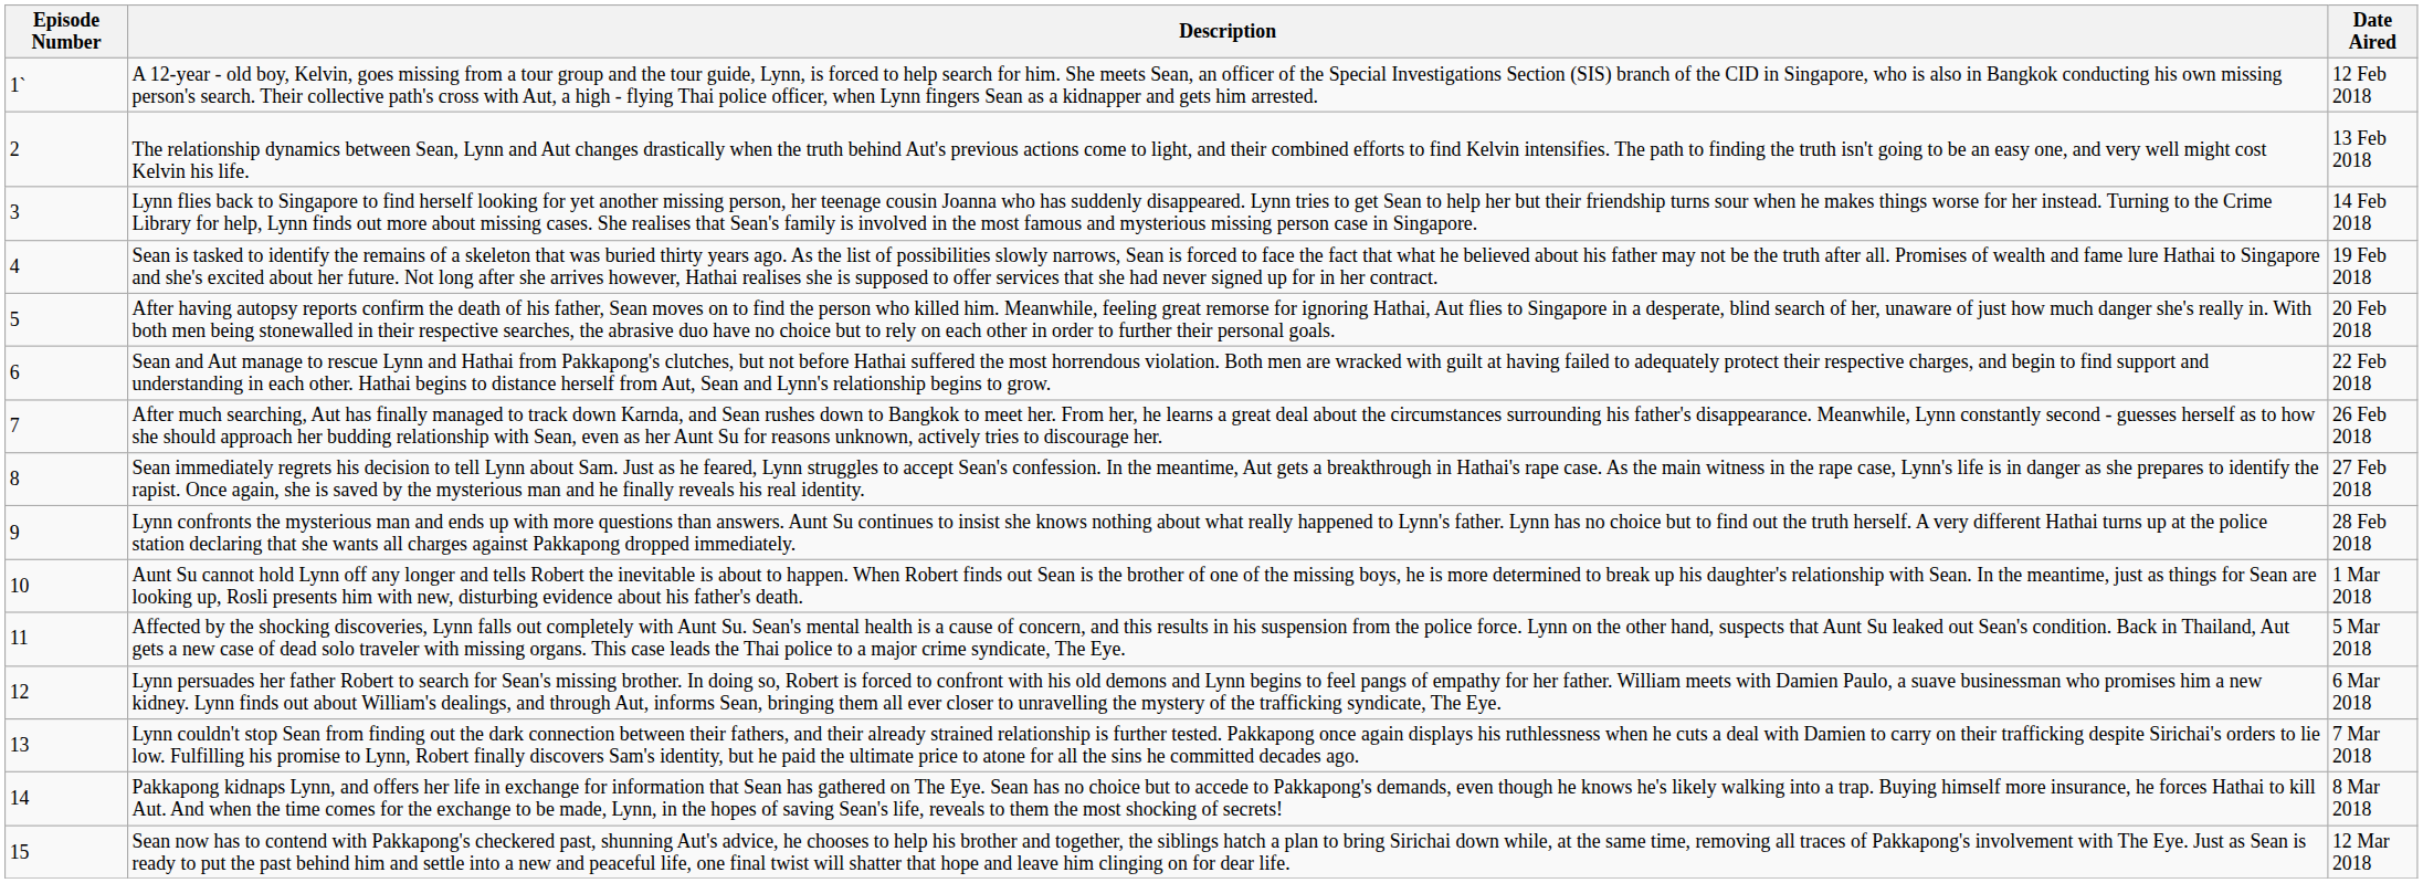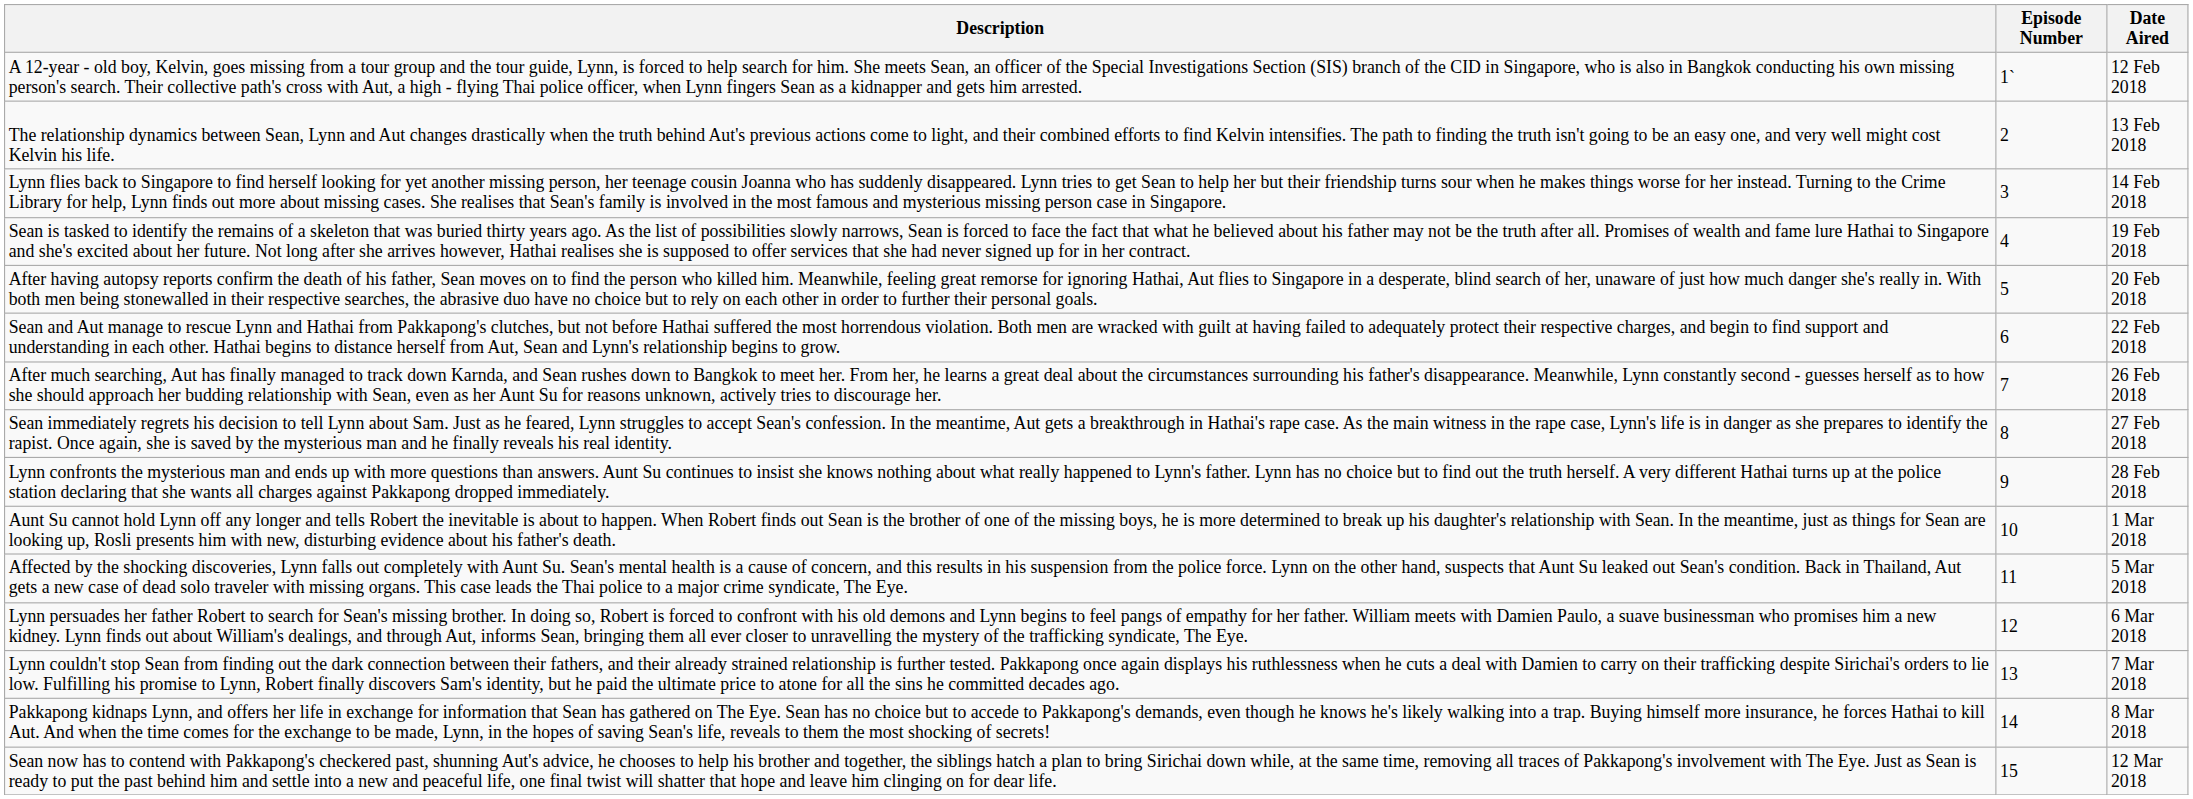 <table class="wikitable">
 <tr>
+<th>Description</th>
 <th>Episode Number</th>
-<th>Description</th>
 <th>Date Aired</th>
 </tr>
 <tr>
+<td>A 12-year - old boy, Kelvin, goes missing from a tour group and the tour guide, Lynn, is forced to help search for him. She meets Sean, an officer of the Special Investigations Section (SIS) branch of the CID in Singapore, who is also in Bangkok conducting his own missing person's search. Their collective path's cross with Aut, a high - flying Thai police officer, when Lynn fingers Sean as a kidnapper and gets him arrested.</td>
 <td>1`</td>
-<td>A 12-year - old boy, Kelvin, goes missing from a tour group and the tour guide, Lynn, is forced to help search for him. She meets Sean, an officer of the Special Investigations Section (SIS) branch of the CID in Singapore, who is also in Bangkok conducting his own missing person's search. Their collective path's cross with Aut, a high - flying Thai police officer, when Lynn fingers Sean as a kidnapper and gets him arrested.</td>
 <td>12 Feb 2018</td>
 </tr>
 <tr>
+<td><br>The relationship dynamics between Sean, Lynn and Aut changes drastically when the truth behind Aut's previous actions come to light, and their combined efforts to find Kelvin intensifies. The path to finding the truth isn't going to be an easy one, and very well might cost Kelvin his life.</td>
 <td>2</td>
-<td><br>The relationship dynamics between Sean, Lynn and Aut changes drastically when the truth behind Aut's previous actions come to light, and their combined efforts to find Kelvin intensifies. The path to finding the truth isn't going to be an easy one, and very well might cost Kelvin his life.</td>
 <td>13 Feb 2018</td>
 </tr>
 <tr>
+<td>Lynn flies back to Singapore to find herself looking for yet another missing person, her teenage cousin Joanna who has suddenly disappeared. Lynn tries to get Sean to help her but their friendship turns sour when he makes things worse for her instead. Turning to the Crime Library for help, Lynn finds out more about missing cases. She realises that Sean's family is involved in the most famous and mysterious missing person case in Singapore.</td>
 <td>3</td>
-<td>Lynn flies back to Singapore to find herself looking for yet another missing person, her teenage cousin Joanna who has suddenly disappeared. Lynn tries to get Sean to help her but their friendship turns sour when he makes things worse for her instead. Turning to the Crime Library for help, Lynn finds out more about missing cases. She realises that Sean's family is involved in the most famous and mysterious missing person case in Singapore.</td>
 <td>14 Feb 2018</td>
 </tr>
 <tr>
+<td>Sean is tasked to identify the remains of a skeleton that was buried thirty years ago. As the list of possibilities slowly narrows, Sean is forced to face the fact that what he believed about his father may not be the truth after all. Promises of wealth and fame lure Hathai to Singapore and she's excited about her future. Not long after she arrives however, Hathai realises she is supposed to offer services that she had never signed up for in her contract.</td>
 <td>4</td>
-<td>Sean is tasked to identify the remains of a skeleton that was buried thirty years ago. As the list of possibilities slowly narrows, Sean is forced to face the fact that what he believed about his father may not be the truth after all. Promises of wealth and fame lure Hathai to Singapore and she's excited about her future. Not long after she arrives however, Hathai realises she is supposed to offer services that she had never signed up for in her contract.</td>
 <td>19 Feb 2018</td>
 </tr>
 <tr>
+<td>After having autopsy reports confirm the death of his father, Sean moves on to find the person who killed him. Meanwhile, feeling great remorse for ignoring Hathai, Aut flies to Singapore in a desperate, blind search of her, unaware of just how much danger she's really in. With both men being stonewalled in their respective searches, the abrasive duo have no choice but to rely on each other in order to further their personal goals.</td>
 <td>5</td>
-<td>After having autopsy reports confirm the death of his father, Sean moves on to find the person who killed him. Meanwhile, feeling great remorse for ignoring Hathai, Aut flies to Singapore in a desperate, blind search of her, unaware of just how much danger she's really in. With both men being stonewalled in their respective searches, the abrasive duo have no choice but to rely on each other in order to further their personal goals.</td>
 <td>20 Feb 2018</td>
 </tr>
 <tr>
+<td>Sean and Aut manage to rescue Lynn and Hathai from Pakkapong's clutches, but not before Hathai suffered the most horrendous violation. Both men are wracked with guilt at having failed to adequately protect their respective charges, and begin to find support and understanding in each other. Hathai begins to distance herself from Aut, Sean and Lynn's relationship begins to grow.</td>
 <td>6</td>
-<td>Sean and Aut manage to rescue Lynn and Hathai from Pakkapong's clutches, but not before Hathai suffered the most horrendous violation. Both men are wracked with guilt at having failed to adequately protect their respective charges, and begin to find support and understanding in each other. Hathai begins to distance herself from Aut, Sean and Lynn's relationship begins to grow.</td>
 <td>22 Feb 2018</td>
 </tr>
 <tr>
+<td>After much searching, Aut has finally managed to track down Karnda, and Sean rushes down to Bangkok to meet her. From her, he learns a great deal about the circumstances surrounding his father's disappearance. Meanwhile, Lynn constantly second - guesses herself as to how she should approach her budding relationship with Sean, even as her Aunt Su for reasons unknown, actively tries to discourage her.</td>
 <td>7</td>
-<td>After much searching, Aut has finally managed to track down Karnda, and Sean rushes down to Bangkok to meet her. From her, he learns a great deal about the circumstances surrounding his father's disappearance. Meanwhile, Lynn constantly second - guesses herself as to how she should approach her budding relationship with Sean, even as her Aunt Su for reasons unknown, actively tries to discourage her.</td>
 <td>26 Feb 2018</td>
 </tr>
 <tr>
+<td>Sean immediately regrets his decision to tell Lynn about Sam. Just as he feared, Lynn struggles to accept Sean's confession. In the meantime, Aut gets a breakthrough in Hathai's rape case. As the main witness in the rape case, Lynn's life is in danger as she prepares to identify the rapist. Once again, she is saved by the mysterious man and he finally reveals his real identity.</td>
 <td>8</td>
-<td>Sean immediately regrets his decision to tell Lynn about Sam. Just as he feared, Lynn struggles to accept Sean's confession. In the meantime, Aut gets a breakthrough in Hathai's rape case. As the main witness in the rape case, Lynn's life is in danger as she prepares to identify the rapist. Once again, she is saved by the mysterious man and he finally reveals his real identity.</td>
 <td>27 Feb 2018</td>
 </tr>
 <tr>
+<td>Lynn confronts the mysterious man and ends up with more questions than answers. Aunt Su continues to insist she knows nothing about what really happened to Lynn's father. Lynn has no choice but to find out the truth herself. A very different Hathai turns up at the police station declaring that she wants all charges against Pakkapong dropped immediately.</td>
 <td>9</td>
-<td>Lynn confronts the mysterious man and ends up with more questions than answers. Aunt Su continues to insist she knows nothing about what really happened to Lynn's father. Lynn has no choice but to find out the truth herself. A very different Hathai turns up at the police station declaring that she wants all charges against Pakkapong dropped immediately.</td>
 <td>28 Feb 2018</td>
 </tr>
 <tr>
+<td>Aunt Su cannot hold Lynn off any longer and tells Robert the inevitable is about to happen. When Robert finds out Sean is the brother of one of the missing boys, he is more determined to break up his daughter's relationship with Sean. In the meantime, just as things for Sean are looking up, Rosli presents him with new, disturbing evidence about his father's death.</td>
 <td>10</td>
-<td>Aunt Su cannot hold Lynn off any longer and tells Robert the inevitable is about to happen. When Robert finds out Sean is the brother of one of the missing boys, he is more determined to break up his daughter's relationship with Sean. In the meantime, just as things for Sean are looking up, Rosli presents him with new, disturbing evidence about his father's death.</td>
 <td>1 Mar 2018</td>
 </tr>
 <tr>
+<td>Affected by the shocking discoveries, Lynn falls out completely with Aunt Su. Sean's mental health is a cause of concern, and this results in his suspension from the police force. Lynn on the other hand, suspects that Aunt Su leaked out Sean's condition. Back in Thailand, Aut gets a new case of dead solo traveler with missing organs. This case leads the Thai police to a major crime syndicate, The Eye.</td>
 <td>11</td>
-<td>Affected by the shocking discoveries, Lynn falls out completely with Aunt Su. Sean's mental health is a cause of concern, and this results in his suspension from the police force. Lynn on the other hand, suspects that Aunt Su leaked out Sean's condition. Back in Thailand, Aut gets a new case of dead solo traveler with missing organs. This case leads the Thai police to a major crime syndicate, The Eye.</td>
 <td>5 Mar 2018</td>
 </tr>
 <tr>
+<td>Lynn persuades her father Robert to search for Sean's missing brother. In doing so, Robert is forced to confront with his old demons and Lynn begins to feel pangs of empathy for her father. William meets with Damien Paulo, a suave businessman who promises him a new kidney. Lynn finds out about William's dealings, and through Aut, informs Sean, bringing them all ever closer to unravelling the mystery of the trafficking syndicate, The Eye.</td>
 <td>12</td>
-<td>Lynn persuades her father Robert to search for Sean's missing brother. In doing so, Robert is forced to confront with his old demons and Lynn begins to feel pangs of empathy for her father. William meets with Damien Paulo, a suave businessman who promises him a new kidney. Lynn finds out about William's dealings, and through Aut, informs Sean, bringing them all ever closer to unravelling the mystery of the trafficking syndicate, The Eye.</td>
 <td>6 Mar 2018</td>
 </tr>
 <tr>
+<td>Lynn couldn't stop Sean from finding out the dark connection between their fathers, and their already strained relationship is further tested. Pakkapong once again displays his ruthlessness when he cuts a deal with Damien to carry on their trafficking despite Sirichai's orders to lie low. Fulfilling his promise to Lynn, Robert finally discovers Sam's identity, but he paid the ultimate price to atone for all the sins he committed decades ago.</td>
 <td>13</td>
-<td>Lynn couldn't stop Sean from finding out the dark connection between their fathers, and their already strained relationship is further tested. Pakkapong once again displays his ruthlessness when he cuts a deal with Damien to carry on their trafficking despite Sirichai's orders to lie low. Fulfilling his promise to Lynn, Robert finally discovers Sam's identity, but he paid the ultimate price to atone for all the sins he committed decades ago.</td>
 <td>7 Mar 2018</td>
 </tr>
 <tr>
+<td>Pakkapong kidnaps Lynn, and offers her life in exchange for information that Sean has gathered on The Eye. Sean has no choice but to accede to Pakkapong's demands, even though he knows he's likely walking into a trap. Buying himself more insurance, he forces Hathai to kill Aut. And when the time comes for the exchange to be made, Lynn, in the hopes of saving Sean's life, reveals to them the most shocking of secrets!</td>
 <td>14</td>
-<td>Pakkapong kidnaps Lynn, and offers her life in exchange for information that Sean has gathered on The Eye. Sean has no choice but to accede to Pakkapong's demands, even though he knows he's likely walking into a trap. Buying himself more insurance, he forces Hathai to kill Aut. And when the time comes for the exchange to be made, Lynn, in the hopes of saving Sean's life, reveals to them the most shocking of secrets!</td>
 <td>8 Mar 2018</td>
 </tr>
 <tr>
+<td>Sean now has to contend with Pakkapong's checkered past, shunning Aut's advice, he chooses to help his brother and together, the siblings hatch a plan to bring Sirichai down while, at the same time, removing all traces of Pakkapong's involvement with The Eye. Just as Sean is ready to put the past behind him and settle into a new and peaceful life, one final twist will shatter that hope and leave him clinging on for dear life.</td>
 <td>15</td>
-<td>Sean now has to contend with Pakkapong's checkered past, shunning Aut's advice, he chooses to help his brother and together, the siblings hatch a plan to bring Sirichai down while, at the same time, removing all traces of Pakkapong's involvement with The Eye. Just as Sean is ready to put the past behind him and settle into a new and peaceful life, one final twist will shatter that hope and leave him clinging on for dear life.</td>
 <td>12 Mar 2018</td>
 </tr>
 </table>
